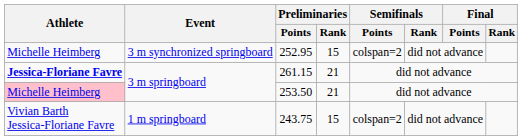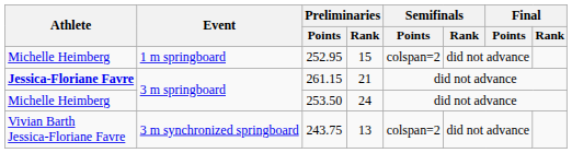 <table class=wikitable style="font-size:90%;">
 <tr>
 <th rowspan="2">Athlete</th>
 <th rowspan="2">Event</th>
 <th colspan="2">Preliminaries</th>
 <th colspan="2">Semifinals</th>
 <th colspan="2">Final</th>
 </tr>
 <tr style="font-size:95%">
 <th>Points</th>
 <th>Rank</th>
 <th>Points</th>
 <th>Rank</th>
 <th>Points</th>
 <th>Rank</th>
 </tr>
 <tr align=center>
 <td align=left><a href='#'>Michelle Heimberg</a></td>
-<td align=left><a href='#'>3 m synchronized springboard</a></td>
+<td align=left><a href='#'>1 m springboard</a></td>
 <td>252.95</td>
 <td>15</td>
 <td>colspan=2 </td>
 <td colspan=2>did not advance</td>
 </tr>
 <tr align=center>
 <td align=left><strong><a href='#'>Jessica-Floriane Favre</a></strong></td>
 <td align=left rowspan=2><a href='#'>3 m springboard</a></td>
 <td>261.15</td>
 <td>21</td>
 <td colspan=4>did not advance</td>
 </tr>
 <tr align=center>
-<td align=left style="background: pink;"><a href='#'>Michelle Heimberg</a></td>
+<td align=left><a href='#'>Michelle Heimberg</a></td>
 <td>253.50</td>
-<td>21</td>
+<td>24</td>
 <td colspan=4>did not advance</td>
 </tr>
 <tr align=center>
 <td align=left><a href='#'>Vivian Barth</a><br><a href='#'>Jessica-Floriane Favre</a></td>
-<td align=left><a href='#'>1 m springboard</a></td>
+<td align=left><a href='#'>3 m synchronized springboard</a></td>
 <td>243.75</td>
-<td>15</td>
+<td>13</td>
 <td>colspan=2 </td>
 <td colspan=2>did not advance</td>
 </tr>
 </table>
